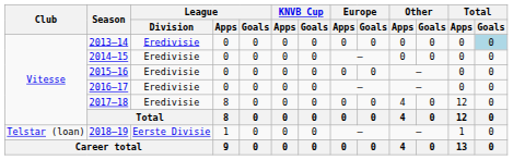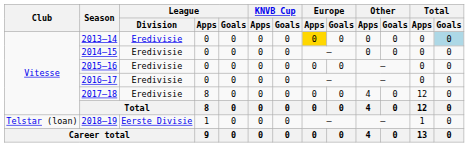 <table class="wikitable" style="text-align: center">
 <tr>
 <th rowspan="2">Club</th>
 <th rowspan="2">Season</th>
 <th colspan="3">League</th>
 <th colspan="2"><a href='#'>KNVB Cup</a></th>
 <th colspan="2">Europe</th>
 <th colspan="2">Other</th>
 <th colspan="2">Total</th>
 </tr>
 <tr>
 <th>Division</th>
 <th>Apps</th>
 <th>Goals</th>
 <th>Apps</th>
 <th>Goals</th>
 <th>Apps</th>
 <th>Goals</th>
 <th>Apps</th>
 <th>Goals</th>
 <th>Apps</th>
 <th>Goals</th>
 </tr>
 <tr>
 <td rowspan="6"><a href='#'>Vitesse</a></td>
 <td><a href='#'>2013–14</a></td>
 <td><a href='#'>Eredivisie</a></td>
 <td>0</td>
 <td>0</td>
 <td>0</td>
 <td>0</td>
-<td>0</td>
+<td style="background: gold;">0</td>
 <td>0</td>
 <td>0</td>
 <td>0</td>
 <td>0</td>
 <td style="background: lightblue;">0</td>
 </tr>
 <tr>
 <td><a href='#'>2014–15</a></td>
 <td>Eredivisie</td>
 <td>0</td>
 <td>0</td>
 <td>0</td>
 <td>0</td>
 <td colspan="2">—</td>
 <td>0</td>
 <td>0</td>
 <td>0</td>
 <td>0</td>
 </tr>
 <tr>
 <td><a href='#'>2015–16</a></td>
 <td>Eredivisie</td>
 <td>0</td>
 <td>0</td>
 <td>0</td>
 <td>0</td>
 <td>0</td>
 <td>0</td>
 <td colspan="2">—</td>
 <td>0</td>
 <td>0</td>
 </tr>
 <tr>
 <td><a href='#'>2016–17</a></td>
 <td>Eredivisie</td>
 <td>0</td>
 <td>0</td>
 <td>0</td>
 <td>0</td>
 <td colspan="2">—</td>
 <td colspan="2">—</td>
 <td>0</td>
 <td>0</td>
 </tr>
 <tr>
 <td><a href='#'>2017–18</a></td>
 <td>Eredivisie</td>
 <td>8</td>
 <td>0</td>
 <td>0</td>
 <td>0</td>
 <td>0</td>
 <td>0</td>
 <td>4</td>
 <td>0</td>
 <td>12</td>
 <td>0</td>
 </tr>
 <tr>
 <th colspan="2">Total</th>
 <th>8</th>
 <th>0</th>
 <th>0</th>
 <th>0</th>
 <th>0</th>
 <th>0</th>
 <th>4</th>
 <th>0</th>
 <th>12</th>
 <th>0</th>
 </tr>
 <tr>
 <td rowspan="1"><a href='#'>Telstar</a> (loan)</td>
 <td><a href='#'>2018–19</a></td>
 <td><a href='#'>Eerste Divisie</a></td>
 <td>1</td>
 <td>0</td>
 <td>0</td>
 <td>0</td>
 <td colspan="2">—</td>
 <td colspan="2">—</td>
 <td>1</td>
 <td>0</td>
 </tr>
 <tr>
 <th colspan="3">Career total</th>
 <th>9</th>
 <th>0</th>
 <th>0</th>
 <th>0</th>
 <th>0</th>
 <th>0</th>
 <th>4</th>
 <th>0</th>
 <th>13</th>
 <th>0</th>
 </tr>
 </table>
